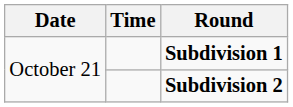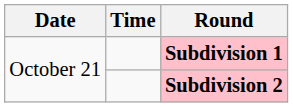 <table class="wikitable">
 <tr>
 <th>Date</th>
 <th>Time</th>
 <th>Round</th>
 </tr>
 <tr>
 <td rowspan=3>October 21</td>
 <td></td>
-<td><strong>Subdivision 1</strong></td>
+<td style="background: pink;"><strong>Subdivision 1</strong></td>
 </tr>
 <tr>
 <td></td>
-<td><strong>Subdivision 2</strong></td>
+<td style="background: pink;"><strong>Subdivision 2</strong></td>
 </tr>
 </table>
